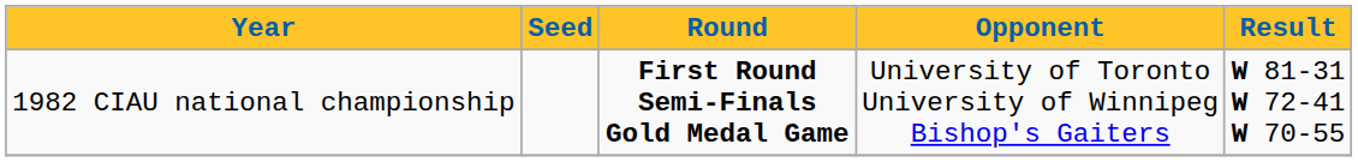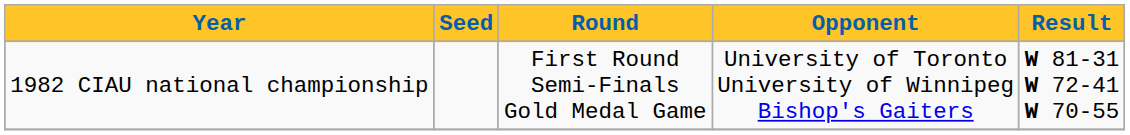 <table class="wikitable" style="text-align:center">
 <tr>
 <th style=" background:#FFC528; color:#055EAA;">Year</th>
 <th style=" background:#FFC528; color:#055EAA;">Seed</th>
 <th style=" background:#FFC528; color:#055EAA;">Round</th>
 <th style=" background:#FFC528; color:#055EAA;">Opponent</th>
 <th style=" background:#FFC528; color:#055EAA;">Result</th>
 </tr>
 <tr>
 <td rowspan=1>1982 CIAU national championship</td>
 <td></td>
-<td><strong>First Round<br>Semi-Finals<br>Gold Medal Game</strong></td>
+<td>First Round<br>Semi-Finals<br>Gold Medal Game</td>
 <td>University of Toronto<br>University of Winnipeg<br><a href='#'>Bishop's Gaiters</a></td>
 <td><strong>W</strong> 81-31<br><strong>W</strong> 72-41<br><strong>W</strong> 70-55</td>
 </tr>
 <tr>
 </tr>
 </table>
